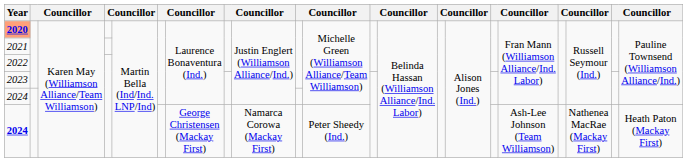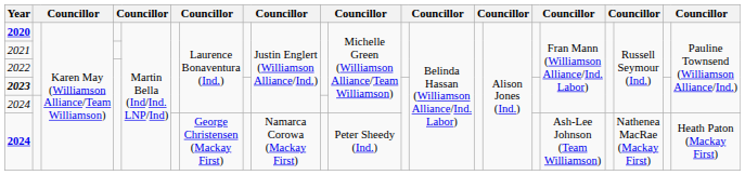 <table class="wikitable">
 <tr>
 <th>Year</th>
 <th colspan="2">Councillor</th>
 <th colspan="2">Councillor</th>
 <th colspan="2">Councillor</th>
 <th colspan="2">Councillor</th>
 <th colspan="2">Councillor</th>
 <th colspan="2">Councillor</th>
 <th colspan="2">Councillor</th>
 <th colspan="2">Councillor</th>
 <th colspan="2">Councillor</th>
 <th colspan="2">Councillor</th>
 </tr>
 <tr>
-<td align="center" style="background: lightsalmon;"><strong><a href='#'>2020</a></strong></td>
+<td align="center"><strong><a href='#'>2020</a></strong></td>
 <td rowspan="4" width="1px" > </td>
 <td rowspan="6"; align="center">Karen May (<a href='#'>Williamson Alliance</a>/<a href='#'>Team Williamson</a>)</td>
 <td rowspan="1" width="1px" > </td>
 <td rowspan="6"; align="center">Martin Bella (<a href='#'>Ind</a>/<a href='#'>Ind. LNP</a>/<a href='#'>Ind</a>)</td>
 <td rowspan="5" width="1px" > </td>
 <td rowspan="5"; align="center">Laurence Bonaventura (<a href='#'>Ind.</a>)</td>
 <td rowspan="3" width="1px" > </td>
 <td rowspan="5"; align="center">Justin Englert (<a href='#'>Williamson Alliance</a>/<a href='#'>Ind.</a>)</td>
 <td rowspan="4" width="1px" > </td>
 <td rowspan="5"; align="center">Michelle Green (<a href='#'>Williamson Alliance</a>/<a href='#'>Team Williamson</a>)</td>
 <td rowspan="3" width="1px" > </td>
 <td rowspan="6"; align="center">Belinda Hassan (<a href='#'>Williamson Alliance</a>/<a href='#'>Ind. Labor</a>)</td>
 <td rowspan="6" width="1px" > </td>
 <td rowspan="6"; align="center">Alison Jones (<a href='#'>Ind.</a>)</td>
 <td rowspan="3" width="1px" > </td>
 <td rowspan="5"; align="center">Fran Mann (<a href='#'>Williamson Alliance</a>/<a href='#'>Ind. Labor</a>)</td>
 <td rowspan="5" width="1px" > </td>
 <td rowspan="5"; align="center">Russell Seymour (<a href='#'>Ind.</a>)</td>
 <td rowspan="3" width="1px" > </td>
 <td rowspan="5"; align="center">Pauline Townsend (<a href='#'>Williamson Alliance</a>/<a href='#'>Ind.</a>)</td>
 </tr>
 <tr>
 <td align="center"><em>2021</em></td>
 <td rowspan="1" width="1px" > </td>
 </tr>
 <tr>
 <td align="center"><em>2022</em></td>
 <td rowspan="4" width="1px" > </td>
 </tr>
 <tr>
-<td align="center"><em>2023</em></td>
+<td align="center"><strong><em>2023</em></strong></td>
 <td rowspan="2" width="1px" > </td>
 <td rowspan="3" width="1px" > </td>
 <td rowspan="2" width="1px" > </td>
 <td rowspan="2" width="1px" > </td>
 </tr>
 <tr>
 <td align="center"><em>2024</em></td>
 <td rowspan="2" width="1px" > </td>
 <td rowspan="1" width="1px" > </td>
 </tr>
 <tr>
 <td align="center"><strong><a href='#'>2024</a></strong></td>
 <td rowspan="1" width="1px" > </td>
 <td rowspan="1"; align="center"><a href='#'>George Christensen</a> (<a href='#'>Mackay First</a>)</td>
 <td rowspan="1" width="1px" > </td>
 <td rowspan="1"; align="center">Namarca Corowa (<a href='#'>Mackay First</a>)</td>
 <td rowspan="1" width="1px" > </td>
 <td rowspan="1"; align="center">Peter Sheedy (<a href='#'>Ind.</a>)</td>
 <td rowspan="1" width="1px" > </td>
 <td rowspan="1"; align="center">Ash-Lee Johnson (<a href='#'>Team Williamson</a>)</td>
 <td rowspan="1" width="1px" > </td>
 <td rowspan="1"; align="center">Nathenea MacRae (<a href='#'>Mackay First</a>)</td>
 <td rowspan="1" width="1px" > </td>
 <td rowspan="1"; align="center">Heath Paton (<a href='#'>Mackay First</a>)</td>
 </tr>
 </table>
